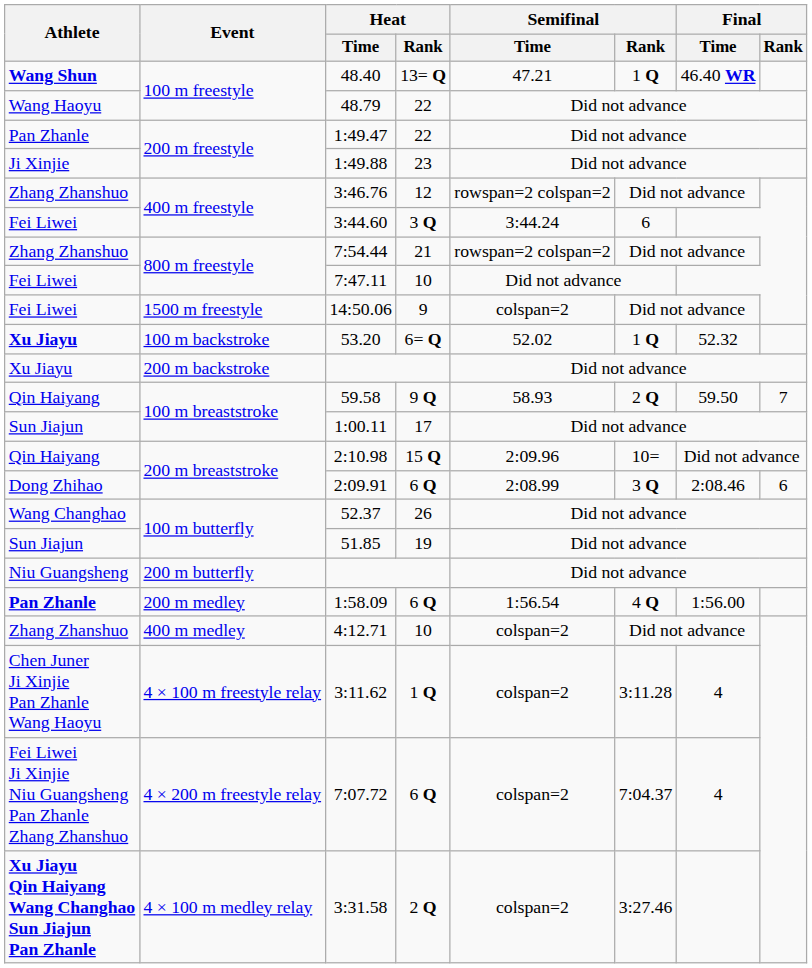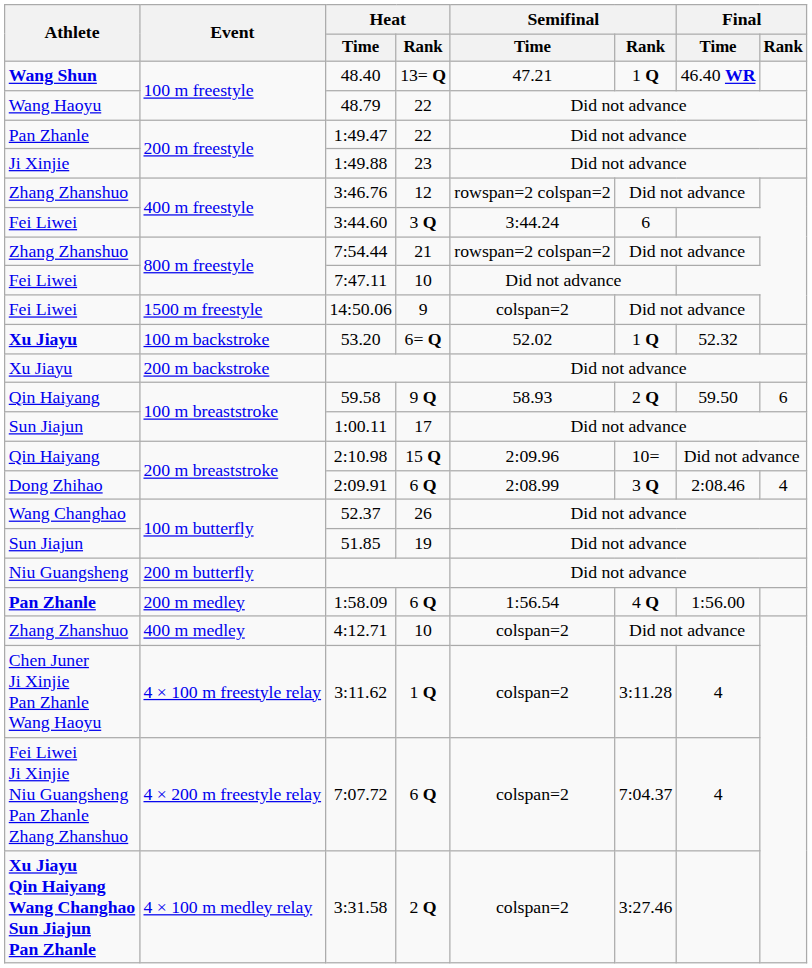 <table class=wikitable style="font-size:90%;">
 <tr>
 <th rowspan=2>Athlete</th>
 <th rowspan=2>Event</th>
 <th colspan=2>Heat</th>
 <th colspan=2>Semifinal</th>
 <th colspan=2>Final</th>
 </tr>
 <tr style=font-size:95%>
 <th>Time</th>
 <th>Rank</th>
 <th>Time</th>
 <th>Rank</th>
 <th>Time</th>
 <th>Rank</th>
 </tr>
 <tr align=center>
 <td align=left><strong><a href='#'>Wang Shun</a></strong></td>
 <td align=left rowspan=2><a href='#'>100 m freestyle</a></td>
 <td>48.40</td>
 <td>13= <strong>Q</strong></td>
 <td>47.21</td>
 <td>1 <strong>Q</strong></td>
 <td>46.40 <strong><a href='#'>WR</a></strong></td>
 <td></td>
 </tr>
 <tr align=center>
 <td align=left><a href='#'>Wang Haoyu</a></td>
 <td>48.79</td>
 <td>22</td>
 <td colspan=4>Did not advance</td>
 </tr>
 <tr align=center>
 <td align=left><a href='#'>Pan Zhanle</a></td>
 <td align=left rowspan=2><a href='#'>200 m freestyle</a></td>
 <td>1:49.47</td>
 <td>22</td>
 <td colspan=4>Did not advance</td>
 </tr>
 <tr align=center>
 <td align=left><a href='#'>Ji Xinjie</a></td>
 <td>1:49.88</td>
 <td>23</td>
 <td colspan=4>Did not advance</td>
 </tr>
 <tr align=center>
 <td align=left><a href='#'>Zhang Zhanshuo</a></td>
 <td align=left rowspan=2><a href='#'>400 m freestyle</a></td>
 <td>3:46.76</td>
 <td>12</td>
 <td>rowspan=2 colspan=2 </td>
 <td colspan=2>Did not advance</td>
 </tr>
 <tr align=center>
 <td align=left><a href='#'>Fei Liwei</a></td>
 <td>3:44.60</td>
 <td>3 <strong>Q</strong></td>
 <td>3:44.24</td>
 <td>6</td>
 </tr>
 <tr align=center>
 <td align=left><a href='#'>Zhang Zhanshuo</a></td>
 <td align=left rowspan=2><a href='#'>800 m freestyle</a></td>
 <td>7:54.44</td>
 <td>21</td>
 <td>rowspan=2 colspan=2 </td>
 <td colspan=2>Did not advance</td>
 </tr>
 <tr align=center>
 <td align=left><a href='#'>Fei Liwei</a></td>
 <td>7:47.11</td>
 <td>10</td>
 <td colspan=2>Did not advance</td>
 </tr>
 <tr align=center>
 <td align=left><a href='#'>Fei Liwei</a></td>
 <td align=left><a href='#'>1500 m freestyle</a></td>
 <td>14:50.06</td>
 <td>9</td>
 <td>colspan=2 </td>
 <td colspan=2>Did not advance</td>
 </tr>
 <tr align=center>
 <td align=left><strong><a href='#'>Xu Jiayu</a></strong></td>
 <td align=left><a href='#'>100 m backstroke</a></td>
 <td>53.20</td>
 <td>6= <strong>Q</strong></td>
 <td>52.02</td>
 <td>1 <strong>Q</strong></td>
 <td>52.32</td>
 <td></td>
 </tr>
 <tr align=center>
 <td align=left><a href='#'>Xu Jiayu</a></td>
 <td align=left><a href='#'>200 m backstroke</a></td>
 <td colspan=2></td>
 <td colspan=4>Did not advance</td>
 </tr>
 <tr align=center>
 <td align=left><a href='#'>Qin Haiyang</a></td>
 <td align=left rowspan=2><a href='#'>100 m breaststroke</a></td>
 <td>59.58</td>
 <td>9 <strong>Q</strong></td>
 <td>58.93</td>
 <td>2 <strong>Q</strong></td>
 <td>59.50</td>
-<td>7</td>
+<td>6</td>
 </tr>
 <tr align=center>
 <td align=left><a href='#'>Sun Jiajun</a></td>
 <td>1:00.11</td>
 <td>17</td>
 <td colspan=4>Did not advance</td>
 </tr>
 <tr align=center>
 <td align=left><a href='#'>Qin Haiyang</a></td>
 <td align=left rowspan=2><a href='#'>200 m breaststroke</a></td>
 <td>2:10.98</td>
 <td>15 <strong>Q</strong></td>
 <td>2:09.96</td>
 <td>10=</td>
 <td colspan=2>Did not advance</td>
 </tr>
 <tr align=center>
 <td align=left><a href='#'>Dong Zhihao</a></td>
 <td>2:09.91</td>
 <td>6 <strong>Q</strong></td>
 <td>2:08.99</td>
 <td>3 <strong>Q</strong></td>
 <td>2:08.46</td>
-<td>6</td>
+<td>4</td>
 </tr>
 <tr align=center>
 <td align=left><a href='#'>Wang Changhao</a></td>
 <td align=left rowspan=2><a href='#'>100 m butterfly</a></td>
 <td>52.37</td>
 <td>26</td>
 <td colspan=4>Did not advance</td>
 </tr>
 <tr align=center>
 <td align=left><a href='#'>Sun Jiajun</a></td>
 <td>51.85</td>
 <td>19</td>
 <td colspan=4>Did not advance</td>
 </tr>
 <tr align=center>
 <td align=left><a href='#'>Niu Guangsheng</a></td>
 <td align=left><a href='#'>200 m butterfly</a></td>
 <td colspan=2></td>
 <td colspan=4>Did not advance</td>
 </tr>
 <tr align=center>
 <td align=left><strong><a href='#'>Pan Zhanle</a></strong></td>
 <td align=left><a href='#'>200 m medley</a></td>
 <td>1:58.09</td>
 <td>6 <strong>Q</strong></td>
 <td>1:56.54</td>
 <td>4 <strong>Q</strong></td>
 <td>1:56.00</td>
 <td></td>
 </tr>
 <tr align=center>
 <td align=left><a href='#'>Zhang Zhanshuo</a></td>
 <td align=left><a href='#'>400 m medley</a></td>
 <td>4:12.71</td>
 <td>10</td>
 <td>colspan=2 </td>
 <td colspan=2>Did not advance</td>
 </tr>
 <tr align=center>
 <td align=left><a href='#'>Chen Juner</a><br><a href='#'>Ji Xinjie</a><br><a href='#'>Pan Zhanle</a><br><a href='#'>Wang Haoyu</a></td>
 <td align=left><a href='#'>4 × 100 m freestyle relay</a></td>
 <td>3:11.62</td>
 <td>1 <strong>Q</strong></td>
 <td>colspan=2 </td>
 <td>3:11.28</td>
 <td>4</td>
 </tr>
 <tr align=center>
 <td align=left><a href='#'>Fei Liwei</a><br><a href='#'>Ji Xinjie</a><br><a href='#'>Niu Guangsheng</a><br><a href='#'>Pan Zhanle</a><br><a href='#'>Zhang Zhanshuo</a></td>
 <td align=left><a href='#'>4 × 200 m freestyle relay</a></td>
 <td>7:07.72</td>
 <td>6 <strong>Q</strong></td>
 <td>colspan=2 </td>
 <td>7:04.37</td>
 <td>4</td>
 </tr>
 <tr align=center>
 <td align=left><strong><a href='#'>Xu Jiayu</a><br><a href='#'>Qin Haiyang</a><br><a href='#'>Wang Changhao</a><br><a href='#'>Sun Jiajun</a><br><a href='#'>Pan Zhanle</a></strong></td>
 <td align=left><a href='#'>4 × 100 m medley relay</a></td>
 <td>3:31.58</td>
 <td>2 <strong>Q</strong></td>
 <td>colspan=2 </td>
 <td>3:27.46</td>
 <td></td>
 </tr>
 </table>
